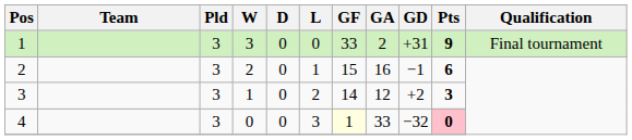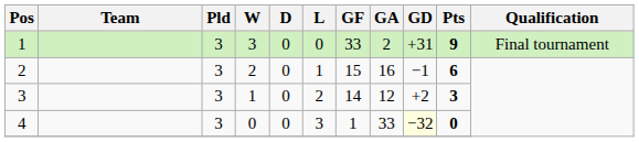 <table class="wikitable" border="1" style="text-align: center;">
 <tr>
 <th width="25"><abbr>Pos</abbr></th>
 <th width="150">Team</th>
 <th width="25"><abbr>Pld</abbr></th>
 <th width="25"><abbr>W</abbr></th>
 <th width="25"><abbr>D</abbr></th>
 <th width="25"><abbr>L</abbr></th>
 <th width="25"><abbr>GF</abbr></th>
 <th width="25"><abbr>GA</abbr></th>
 <th width="25"><abbr>GD</abbr></th>
 <th width="25"><abbr>Pts</abbr></th>
 <th width="150">Qualification</th>
 </tr>
 <tr bgcolor= #D0F0C0>
 <td>1</td>
 <td align="left"></td>
 <td>3</td>
 <td>3</td>
 <td>0</td>
 <td>0</td>
 <td>33</td>
 <td>2</td>
 <td>+31</td>
 <td><strong>9</strong></td>
 <td>Final tournament</td>
 </tr>
 <tr>
 <td>2</td>
 <td align="left"></td>
 <td>3</td>
 <td>2</td>
 <td>0</td>
 <td>1</td>
 <td>15</td>
 <td>16</td>
 <td>−1</td>
 <td><strong>6</strong></td>
 </tr>
 <tr>
 <td>3</td>
 <td align="left"></td>
 <td>3</td>
 <td>1</td>
 <td>0</td>
 <td>2</td>
 <td>14</td>
 <td>12</td>
 <td>+2</td>
 <td><strong>3</strong></td>
 </tr>
 <tr>
 <td>4</td>
 <td align="left"></td>
 <td>3</td>
 <td>0</td>
 <td>0</td>
 <td>3</td>
-<td style="background: lightyellow;">1</td>
+<td>1</td>
 <td>33</td>
-<td>−32</td>
-<td style="background: pink;"><strong>0</strong></td>
+<td style="background: lightyellow;">−32</td>
+<td><strong>0</strong></td>
 </tr>
 <tr>
 </tr>
 </table>
